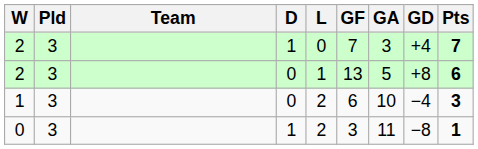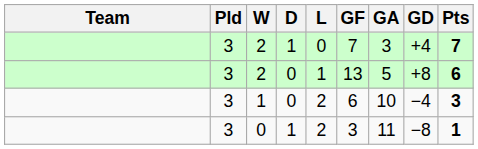 <table class="wikitable" style="text-align:center;">
 <tr>
+<th width=180>Team</th>
+<th width=20>Pld</th>
 <th width=20>W</th>
-<th width=20>Pld</th>
-<th width=180>Team</th>
 <th width=20>D</th>
 <th width=20>L</th>
 <th width=20>GF</th>
 <th width=20>GA</th>
 <th width=20>GD</th>
 <th width=20>Pts</th>
 </tr>
 <tr bgcolor="ccffcc">
+<td align="left"></td>
+<td>3</td>
 <td>2</td>
-<td>3</td>
-<td align="left"></td>
 <td>1</td>
 <td>0</td>
 <td>7</td>
 <td>3</td>
 <td>+4</td>
 <td><strong>7</strong></td>
 </tr>
 <tr bgcolor="ccffcc">
+<td align="left"></td>
+<td>3</td>
 <td>2</td>
-<td>3</td>
-<td align="left"></td>
 <td>0</td>
 <td>1</td>
 <td>13</td>
 <td>5</td>
 <td>+8</td>
 <td><strong>6</strong></td>
 </tr>
 <tr>
+<td align="left"></td>
+<td>3</td>
 <td>1</td>
-<td>3</td>
-<td align="left"></td>
 <td>0</td>
 <td>2</td>
 <td>6</td>
 <td>10</td>
 <td>−4</td>
 <td><strong>3</strong></td>
 </tr>
 <tr>
+<td align="left"></td>
+<td>3</td>
 <td>0</td>
-<td>3</td>
-<td align="left"></td>
 <td>1</td>
 <td>2</td>
 <td>3</td>
 <td>11</td>
 <td>−8</td>
 <td><strong>1</strong></td>
 </tr>
 </table>
